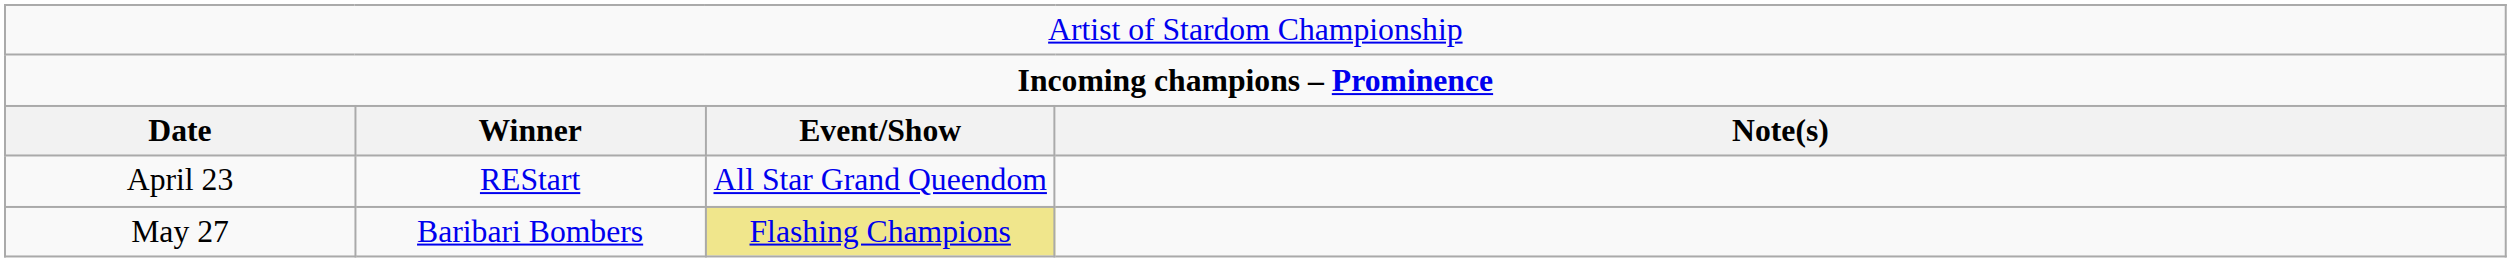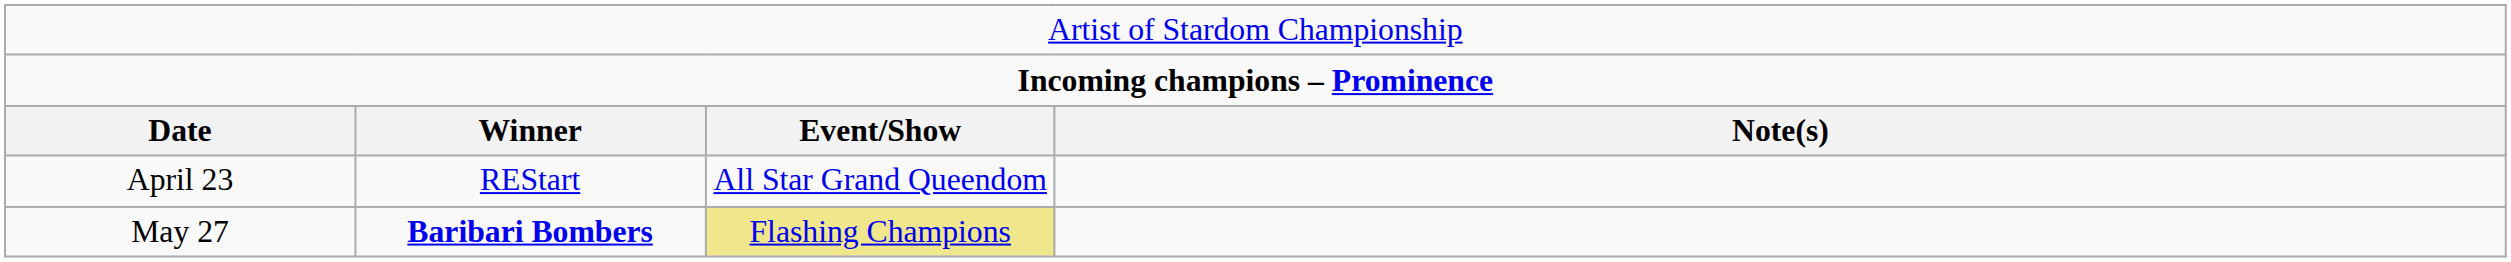 <table class="wikitable" style="text-align:center; width:100%;">
 <tr>
 <td colspan="5" style="text-align: center;"><a href='#'>Artist of Stardom Championship</a></td>
 </tr>
 <tr>
 <td colspan="5" style="text-align: center;"><strong>Incoming champions – <a href='#'>Prominence</a> </strong></td>
 </tr>
 <tr>
 <th width=14%>Date</th>
 <th width=14%>Winner</th>
 <th width=14%>Event/Show</th>
 <th width=58%>Note(s)</th>
 </tr>
 <tr>
 <td>April 23</td>
 <td><a href='#'>REStart</a><br></td>
 <td><a href='#'>All Star Grand Queendom</a></td>
 <td></td>
 </tr>
 <tr>
 <td>May 27</td>
-<td><a href='#'>Baribari Bombers</a><br></td>
+<td><strong><a href='#'>Baribari Bombers</a><br></strong></td>
 <td style="background: khaki;"><a href='#'>Flashing Champions</a></td>
 <td></td>
 </tr>
 </table>
